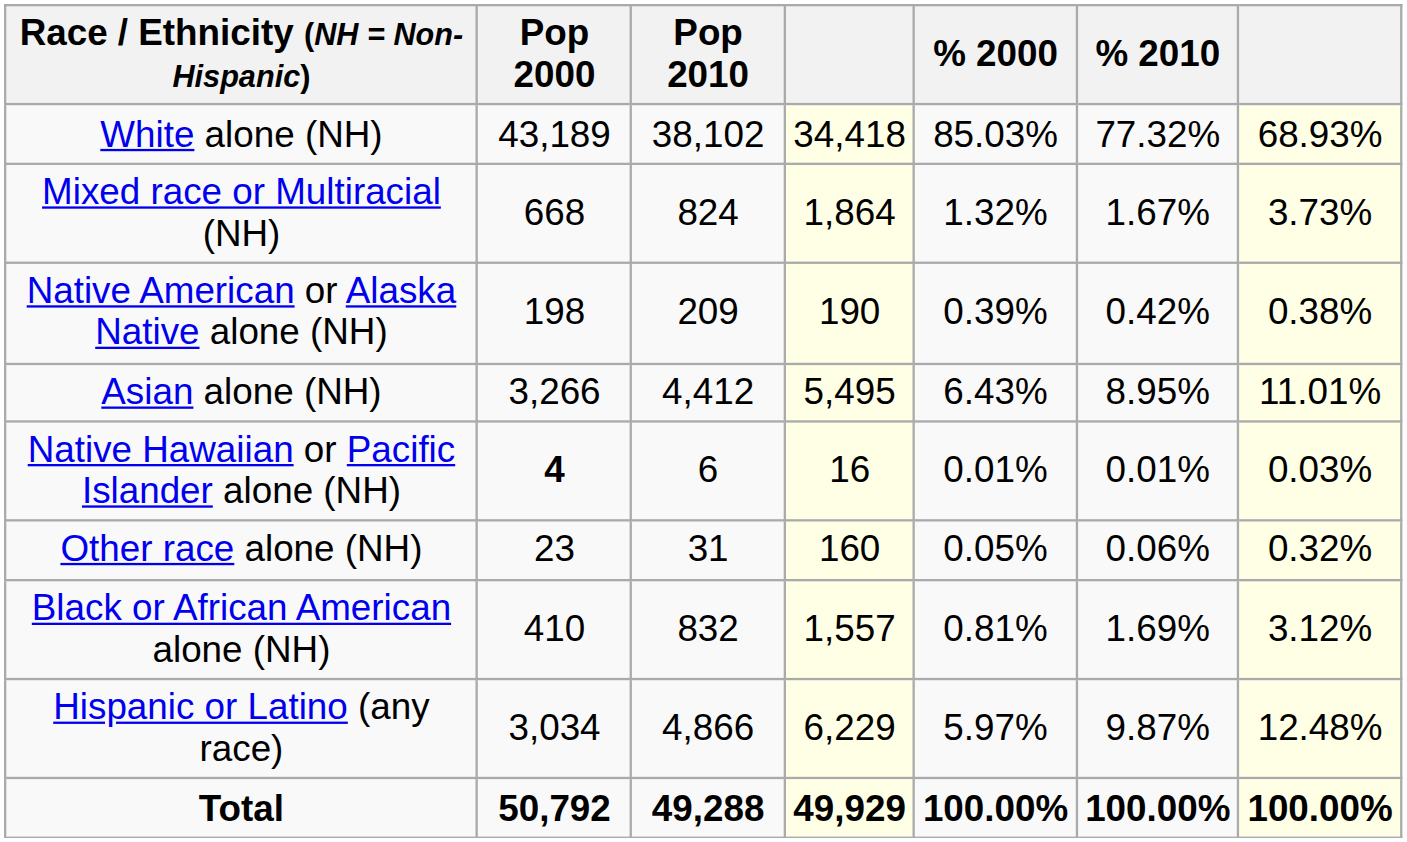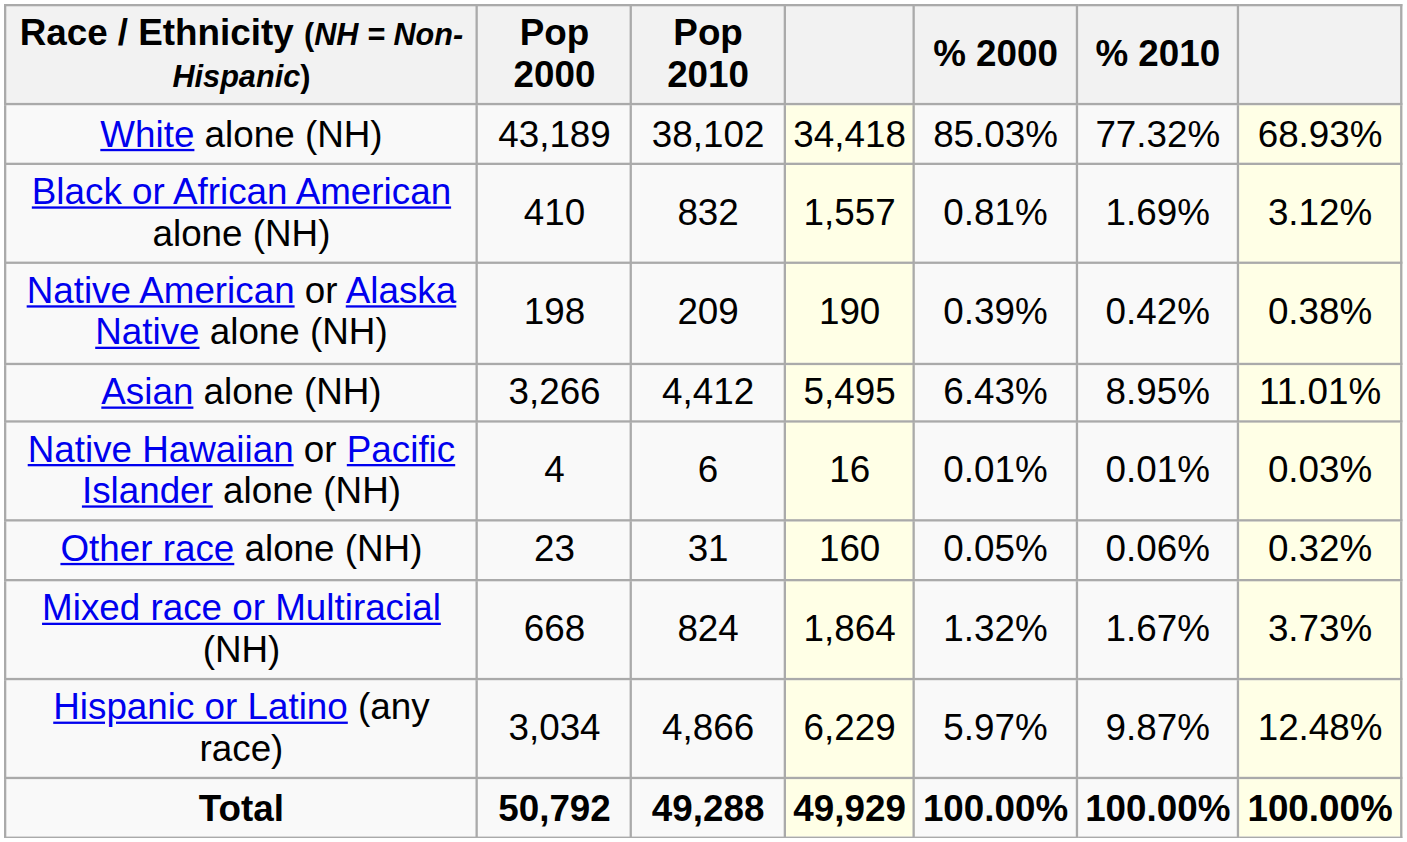 <table class="wikitable" style="text-align:center;">
 <tr>
 <th>Race / Ethnicity <small>(<em>NH = Non-Hispanic</em>)</small></th>
 <th>Pop 2000</th>
 <th>Pop 2010</th>
 <th></th>
 <th>% 2000</th>
 <th>% 2010</th>
 <th></th>
 </tr>
 <tr>
 <td><a href='#'>White</a> alone (NH)</td>
 <td>43,189</td>
 <td>38,102</td>
 <td style='background: #ffffe6;'>34,418</td>
 <td>85.03%</td>
 <td>77.32%</td>
 <td style='background: #ffffe6;'>68.93%</td>
 </tr>
 <tr>
-<td><a href='#'>Mixed race or Multiracial</a> (NH)</td>
-<td>668</td>
-<td>824</td>
-<td style='background: #ffffe6;'>1,864</td>
-<td>1.32%</td>
-<td>1.67%</td>
-<td style='background: #ffffe6;'>3.73%</td>
+<td><a href='#'>Black or African American</a> alone (NH)</td>
+<td>410</td>
+<td>832</td>
+<td style='background: #ffffe6;'>1,557</td>
+<td>0.81%</td>
+<td>1.69%</td>
+<td style='background: #ffffe6;'>3.12%</td>
 </tr>
 <tr>
 <td><a href='#'>Native American</a> or <a href='#'>Alaska Native</a> alone (NH)</td>
 <td>198</td>
 <td>209</td>
 <td style='background: #ffffe6;'>190</td>
 <td>0.39%</td>
 <td>0.42%</td>
 <td style='background: #ffffe6;'>0.38%</td>
 </tr>
 <tr>
 <td><a href='#'>Asian</a> alone (NH)</td>
 <td>3,266</td>
 <td>4,412</td>
 <td style='background: #ffffe6;'>5,495</td>
 <td>6.43%</td>
 <td>8.95%</td>
 <td style='background: #ffffe6;'>11.01%</td>
 </tr>
 <tr>
 <td><a href='#'>Native Hawaiian</a> or <a href='#'>Pacific Islander</a> alone (NH)</td>
-<td><strong>4</strong></td>
+<td>4</td>
 <td>6</td>
 <td style='background: #ffffe6;'>16</td>
 <td>0.01%</td>
 <td>0.01%</td>
 <td style='background: #ffffe6;'>0.03%</td>
 </tr>
 <tr>
 <td><a href='#'>Other race</a> alone (NH)</td>
 <td>23</td>
 <td>31</td>
 <td style='background: #ffffe6;'>160</td>
 <td>0.05%</td>
 <td>0.06%</td>
 <td style='background: #ffffe6;'>0.32%</td>
 </tr>
 <tr>
-<td><a href='#'>Black or African American</a> alone (NH)</td>
-<td>410</td>
-<td>832</td>
-<td style='background: #ffffe6;'>1,557</td>
-<td>0.81%</td>
-<td>1.69%</td>
-<td style='background: #ffffe6;'>3.12%</td>
+<td><a href='#'>Mixed race or Multiracial</a> (NH)</td>
+<td>668</td>
+<td>824</td>
+<td style='background: #ffffe6;'>1,864</td>
+<td>1.32%</td>
+<td>1.67%</td>
+<td style='background: #ffffe6;'>3.73%</td>
 </tr>
 <tr>
 <td><a href='#'>Hispanic or Latino</a> (any race)</td>
 <td>3,034</td>
 <td>4,866</td>
 <td style='background: #ffffe6;'>6,229</td>
 <td>5.97%</td>
 <td>9.87%</td>
 <td style='background: #ffffe6;'>12.48%</td>
 </tr>
 <tr>
 <td><strong>Total</strong></td>
 <td><strong>50,792</strong></td>
 <td><strong>49,288</strong></td>
 <td style='background: #ffffe6;'><strong>49,929</strong></td>
 <td><strong>100.00%</strong></td>
 <td><strong>100.00%</strong></td>
 <td style='background: #ffffe6;'><strong>100.00%</strong></td>
 </tr>
 </table>
